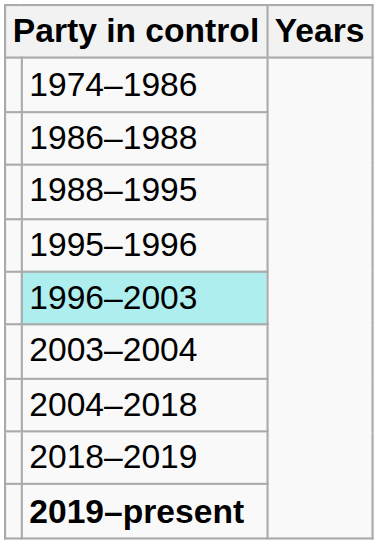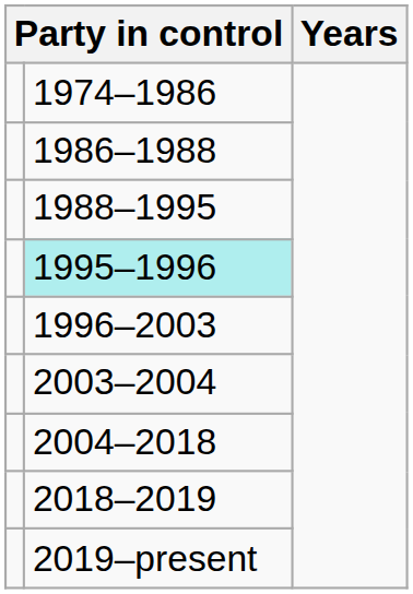 <table class="wikitable">
 <tr>
 <th colspan="2">Party in control</th>
 <th>Years</th>
 </tr>
 <tr>
 <td></td>
 <td>1974–1986</td>
 </tr>
 <tr>
 <td></td>
 <td>1986–1988</td>
 </tr>
 <tr>
 <td></td>
 <td>1988–1995</td>
 </tr>
 <tr>
 <td></td>
-<td>1995–1996</td>
+<td style="background: paleturquoise;">1995–1996</td>
 </tr>
 <tr>
 <td></td>
-<td style="background: paleturquoise;">1996–2003</td>
+<td>1996–2003</td>
 </tr>
 <tr>
 <td></td>
 <td>2003–2004</td>
 </tr>
 <tr>
 <td></td>
 <td>2004–2018</td>
 </tr>
 <tr>
 <td></td>
 <td>2018–2019</td>
 </tr>
 <tr>
 <td></td>
-<td><strong>2019–present</strong></td>
+<td>2019–present</td>
 </tr>
 </table>
